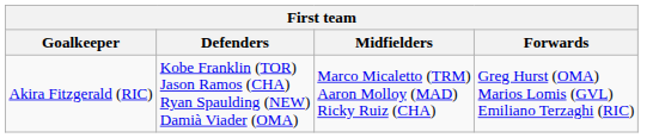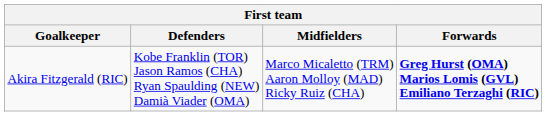 <table class="wikitable">
 <tr>
 <th colspan="4">First team</th>
 </tr>
 <tr>
 <th>Goalkeeper</th>
 <th>Defenders</th>
 <th>Midfielders</th>
 <th>Forwards</th>
 </tr>
 <tr>
 <td> <a href='#'>Akira Fitzgerald</a> (<a href='#'>RIC</a>)</td>
 <td> <a href='#'>Kobe Franklin</a> (<a href='#'>TOR</a>)<br> <a href='#'>Jason Ramos</a> (<a href='#'>CHA</a>)<br> <a href='#'>Ryan Spaulding</a> (<a href='#'>NEW</a>)<br> <a href='#'>Damià Viader</a> (<a href='#'>OMA</a>)</td>
 <td> <a href='#'>Marco Micaletto</a> (<a href='#'>TRM</a>)<br> <a href='#'>Aaron Molloy</a> (<a href='#'>MAD</a>)<br> <a href='#'>Ricky Ruiz</a> (<a href='#'>CHA</a>)</td>
-<td> <a href='#'>Greg Hurst</a> (<a href='#'>OMA</a>)<br> <a href='#'>Marios Lomis</a> (<a href='#'>GVL</a>)<br> <a href='#'>Emiliano Terzaghi</a> (<a href='#'>RIC</a>)</td>
+<td><strong> <a href='#'>Greg Hurst</a> (<a href='#'>OMA</a>)<br> <a href='#'>Marios Lomis</a> (<a href='#'>GVL</a>)<br> <a href='#'>Emiliano Terzaghi</a> (<a href='#'>RIC</a>)</strong></td>
 </tr>
 </table>
